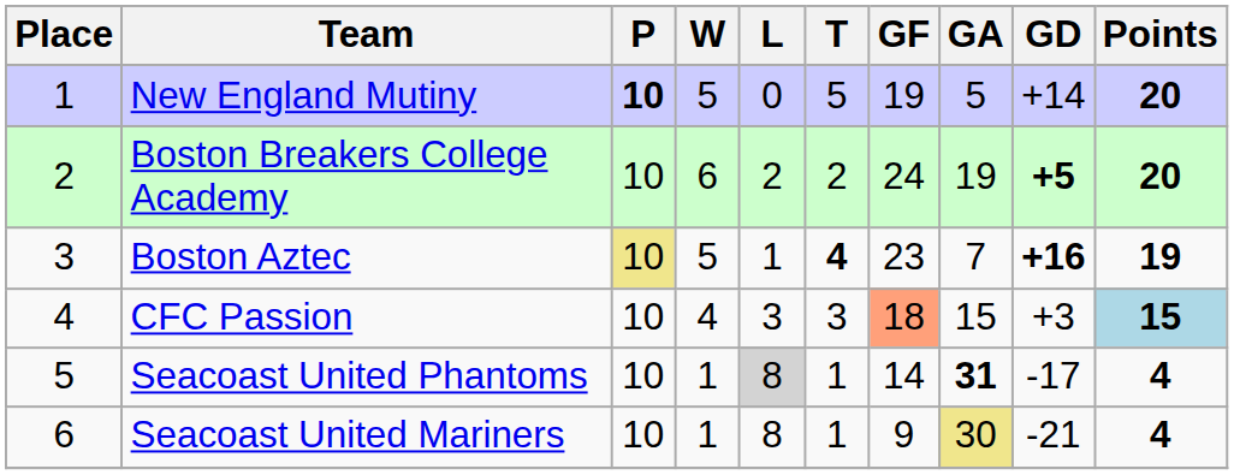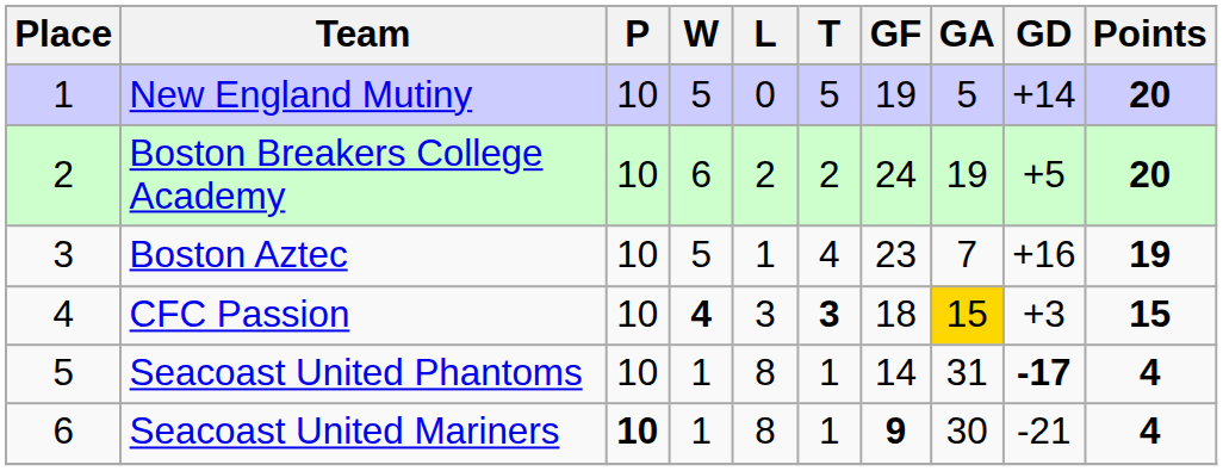 <table class="wikitable" style="text-align:center;">
 <tr>
 <th>Place</th>
 <th width="200">Team</th>
 <th width="20">P</th>
 <th width="20">W</th>
 <th width="20">L</th>
 <th width="20">T</th>
 <th width="20">GF</th>
 <th width="20">GA</th>
 <th width="25">GD</th>
 <th>Points</th>
 </tr>
 <tr bgcolor=#ccccff>
 <td>1</td>
 <td style="text-align:left;"><a href='#'>New England Mutiny</a></td>
-<td><strong>10</strong></td>
+<td>10</td>
 <td>5</td>
 <td>0</td>
 <td>5</td>
 <td>19</td>
 <td>5</td>
 <td>+14</td>
 <td><strong>20</strong></td>
 </tr>
 <tr bgcolor=#ccffcc>
 <td>2</td>
 <td style="text-align:left;"><a href='#'>Boston Breakers College Academy</a></td>
 <td>10</td>
 <td>6</td>
 <td>2</td>
 <td>2</td>
 <td>24</td>
 <td>19</td>
-<td><strong>+5</strong></td>
+<td>+5</td>
 <td><strong>20</strong></td>
 </tr>
 <tr>
 <td>3</td>
 <td style="text-align:left;"><a href='#'>Boston Aztec</a></td>
-<td style="background: khaki;">10</td>
+<td>10</td>
 <td>5</td>
 <td>1</td>
-<td><strong>4</strong></td>
+<td>4</td>
 <td>23</td>
 <td>7</td>
-<td><strong>+16</strong></td>
+<td>+16</td>
 <td><strong>19</strong></td>
 </tr>
 <tr>
 <td>4</td>
 <td style="text-align:left;"><a href='#'>CFC Passion</a></td>
 <td>10</td>
-<td>4</td>
+<td><strong>4</strong></td>
 <td>3</td>
-<td>3</td>
-<td style="background: lightsalmon;">18</td>
-<td>15</td>
+<td><strong>3</strong></td>
+<td>18</td>
+<td style="background: gold;">15</td>
 <td>+3</td>
-<td style="background: lightblue;"><strong>15</strong></td>
+<td><strong>15</strong></td>
 </tr>
 <tr>
 <td>5</td>
 <td style="text-align:left;"><a href='#'>Seacoast United Phantoms</a></td>
 <td>10</td>
 <td>1</td>
-<td style="background: lightgrey;">8</td>
+<td>8</td>
 <td>1</td>
 <td>14</td>
-<td><strong>31</strong></td>
-<td>-17</td>
+<td>31</td>
+<td><strong>-17</strong></td>
 <td><strong>4</strong></td>
 </tr>
 <tr>
 <td>6</td>
 <td style="text-align:left;"><a href='#'>Seacoast United Mariners</a></td>
-<td>10</td>
+<td><strong>10</strong></td>
 <td>1</td>
 <td>8</td>
 <td>1</td>
-<td>9</td>
-<td style="background: khaki;">30</td>
+<td><strong>9</strong></td>
+<td>30</td>
 <td>-21</td>
 <td><strong>4</strong></td>
 </tr>
 <tr>
 </tr>
 </table>
